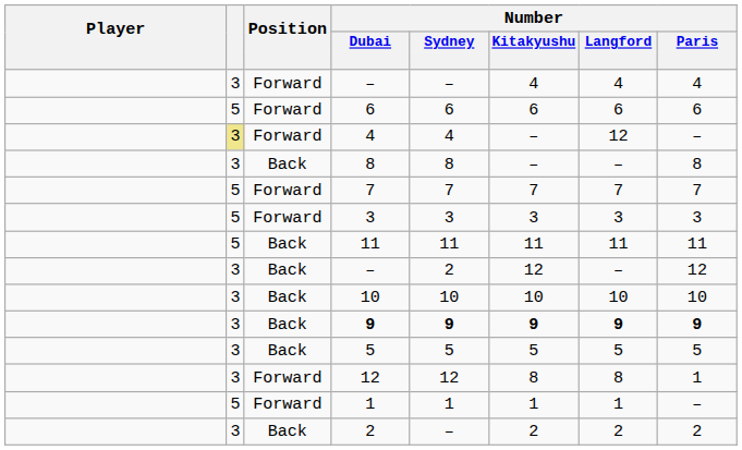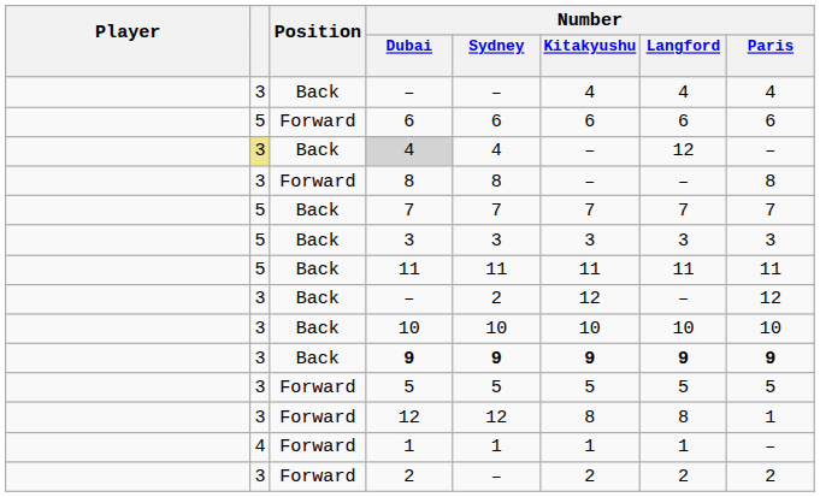 <table class="wikitable sortable" style="text-align:center;">
 <tr>
 <th rowspan="2" style="border-bottom:0; width:13em;">Player</th>
 <th rowspan="2" style="border-bottom:0;"></th>
 <th rowspan="2" style="border-bottom:0;">Position</th>
 <th colspan=5>Number</th>
 </tr>
 <tr>
 <th style="vertical-align:top; width:5.2em; border-bottom:0; padding:2px; font-size:85%;"><a href='#'>Dubai</a></th>
 <th style="vertical-align:top; width:5.2em; border-bottom:0; padding:2px; font-size:85%;"><a href='#'>Sydney</a></th>
 <th style="vertical-align:top; width:5.2em; border-bottom:0; padding:2px; font-size:85%;"><a href='#'>Kitakyushu</a></th>
 <th style="vertical-align:top; width:5.2em; border-bottom:0; padding:2px; font-size:85%;"><a href='#'>Langford</a></th>
 <th style="vertical-align:top; width:5.2em; border-bottom:0; padding:2px; font-size:85%;"><a href='#'>Paris</a></th>
 </tr>
 <tr style="line-height:8px;">
 <th style="border-top:0;"> </th>
 <th style="border-top:0;"></th>
 <th style="border-top:0;"></th>
 <th data-sort-type="number" style="border-top:0;"></th>
 <th data-sort-type="number" style="border-top:0;"></th>
 <th data-sort-type="number" style="border-top:0;"></th>
 <th data-sort-type="number" style="border-top:0;"></th>
 <th data-sort-type="number" style="border-top:0;"></th>
 </tr>
 <tr>
 <td align=left></td>
 <td>3</td>
-<td>Forward</td>
+<td>Back</td>
 <td>–</td>
 <td>–</td>
 <td>4</td>
 <td>4</td>
 <td>4</td>
 </tr>
 <tr>
 <td align=left></td>
 <td>5</td>
 <td>Forward</td>
 <td>6</td>
 <td>6</td>
 <td>6</td>
 <td>6</td>
 <td>6</td>
 </tr>
 <tr>
 <td align=left></td>
 <td style="background: khaki;">3</td>
-<td>Forward</td>
-<td>4</td>
+<td>Back</td>
+<td style="background: lightgrey;">4</td>
 <td>4</td>
 <td>–</td>
 <td>12</td>
 <td>–</td>
 </tr>
 <tr>
 <td align=left></td>
 <td>3</td>
-<td>Back</td>
+<td>Forward</td>
 <td>8</td>
 <td>8</td>
 <td>–</td>
 <td>–</td>
 <td>8</td>
 </tr>
 <tr>
 <td align=left></td>
 <td>5</td>
-<td>Forward</td>
+<td>Back</td>
 <td>7</td>
 <td>7</td>
 <td>7</td>
 <td>7</td>
 <td>7</td>
 </tr>
 <tr>
 <td align=left></td>
 <td>5</td>
-<td>Forward</td>
+<td>Back</td>
 <td>3</td>
 <td>3</td>
 <td>3</td>
 <td>3</td>
 <td>3</td>
 </tr>
 <tr>
 <td align=left></td>
 <td>5</td>
 <td>Back</td>
 <td>11</td>
 <td>11</td>
 <td>11</td>
 <td>11</td>
 <td>11</td>
 </tr>
 <tr>
 <td align=left></td>
 <td>3</td>
 <td>Back</td>
 <td>–</td>
 <td>2</td>
 <td>12</td>
 <td>–</td>
 <td>12</td>
 </tr>
 <tr>
 <td align=left></td>
 <td>3</td>
 <td>Back</td>
 <td>10</td>
 <td>10</td>
 <td>10</td>
 <td>10</td>
 <td>10</td>
 </tr>
 <tr>
 <td align=left></td>
 <td>3</td>
 <td>Back</td>
 <td><strong>9</strong></td>
 <td><strong>9</strong></td>
 <td><strong>9</strong></td>
 <td><strong>9</strong></td>
 <td><strong>9</strong></td>
 </tr>
 <tr>
 <td align=left></td>
 <td>3</td>
-<td>Back</td>
+<td>Forward</td>
 <td>5</td>
 <td>5</td>
 <td>5</td>
 <td>5</td>
 <td>5</td>
 </tr>
 <tr>
 <td align=left></td>
 <td>3</td>
 <td>Forward</td>
 <td>12</td>
 <td>12</td>
 <td>8</td>
 <td>8</td>
 <td>1</td>
 </tr>
 <tr>
 <td align=left></td>
-<td>5</td>
+<td>4</td>
 <td>Forward</td>
 <td>1</td>
 <td>1</td>
 <td>1</td>
 <td>1</td>
 <td>–</td>
 </tr>
 <tr>
 <td align=left></td>
 <td>3</td>
-<td>Back</td>
+<td>Forward</td>
 <td>2</td>
 <td>–</td>
 <td>2</td>
 <td>2</td>
 <td>2</td>
 </tr>
 </table>
